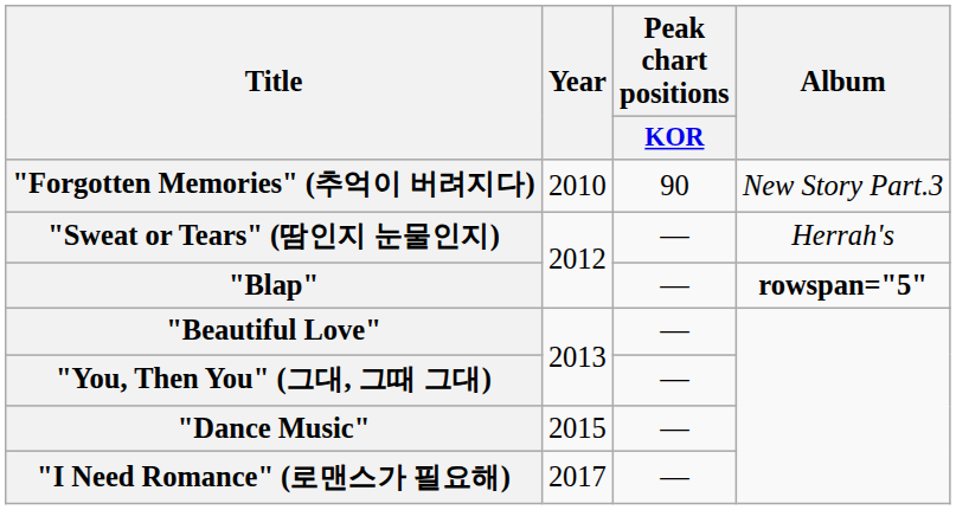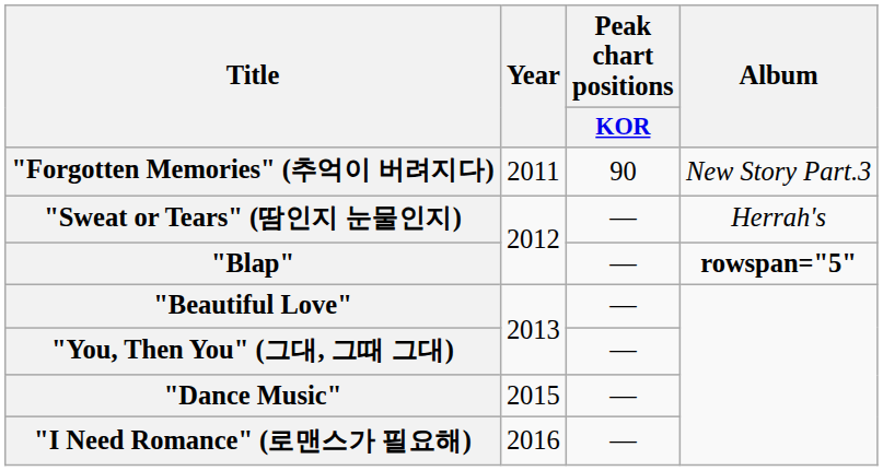 <table class="wikitable plainrowheaders" style="text-align:center;">
 <tr>
 <th rowspan="2">Title</th>
 <th rowspan="2">Year</th>
 <th>Peak chart positions</th>
 <th rowspan="2">Album</th>
 </tr>
 <tr>
 <th scope="col" style="width:2.5em;font-size:90%;"><a href='#'>KOR</a><br></th>
 </tr>
 <tr>
 <th scope="row">"Forgotten Memories" (추억이 버려지다) </th>
-<td>2010</td>
+<td>2011</td>
 <td>90</td>
 <td><em>New Story Part.3</em></td>
 </tr>
 <tr>
 <th scope="row">"Sweat or Tears" (땀인지 눈물인지)</th>
 <td rowspan="2">2012</td>
 <td>—</td>
 <td><em>Herrah's</em> </td>
 </tr>
 <tr>
 <th scope="row">"Blap"</th>
 <td>—</td>
 <td><strong>rowspan="5" </strong></td>
 </tr>
 <tr>
 <th scope="row">"Beautiful Love"</th>
 <td rowspan="2">2013</td>
 <td>—</td>
 </tr>
 <tr>
 <th scope="row">"You, Then You" (그대, 그때 그대) </th>
 <td>—</td>
 </tr>
 <tr>
 <th scope="row">"Dance Music"</th>
 <td>2015</td>
 <td>—</td>
 </tr>
 <tr>
 <th scope="row">"I Need Romance" (로맨스가 필요해) </th>
-<td>2017</td>
+<td>2016</td>
 <td>—</td>
 </tr>
 </table>
